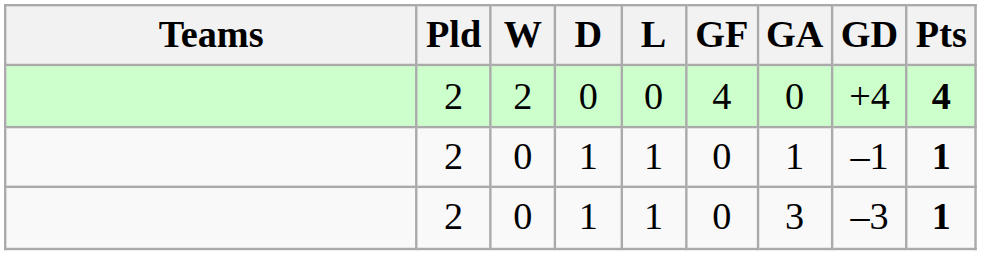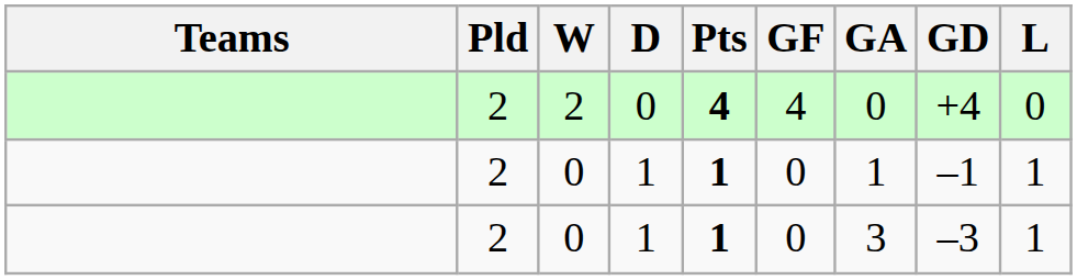 <table class="wikitable" style="text-align: center;">
 <tr>
 <th width=165>Teams</th>
 <th width=20>Pld</th>
 <th width=20>W</th>
 <th width=20>D</th>
-<th width=20>L</th>
+<th width=20>Pts</th>
 <th width=20>GF</th>
 <th width=20>GA</th>
 <th width=20>GD</th>
-<th width=20>Pts</th>
+<th width=20>L</th>
 </tr>
 <tr align=center style="background:#ccffcc;">
 <td style="text-align:left;"></td>
 <td>2</td>
 <td>2</td>
 <td>0</td>
-<td>0</td>
+<td><strong>4</strong></td>
 <td>4</td>
 <td>0</td>
 <td>+4</td>
-<td><strong>4</strong></td>
+<td>0</td>
 </tr>
 <tr align=center>
 <td style="text-align:left;"></td>
 <td>2</td>
 <td>0</td>
 <td>1</td>
-<td>1</td>
+<td><strong>1</strong></td>
 <td>0</td>
 <td>1</td>
 <td>–1</td>
-<td><strong>1</strong></td>
+<td>1</td>
 </tr>
 <tr align=center>
 <td style="text-align:left;"></td>
 <td>2</td>
 <td>0</td>
 <td>1</td>
-<td>1</td>
+<td><strong>1</strong></td>
 <td>0</td>
 <td>3</td>
 <td>–3</td>
-<td><strong>1</strong></td>
+<td>1</td>
 </tr>
 </table>
